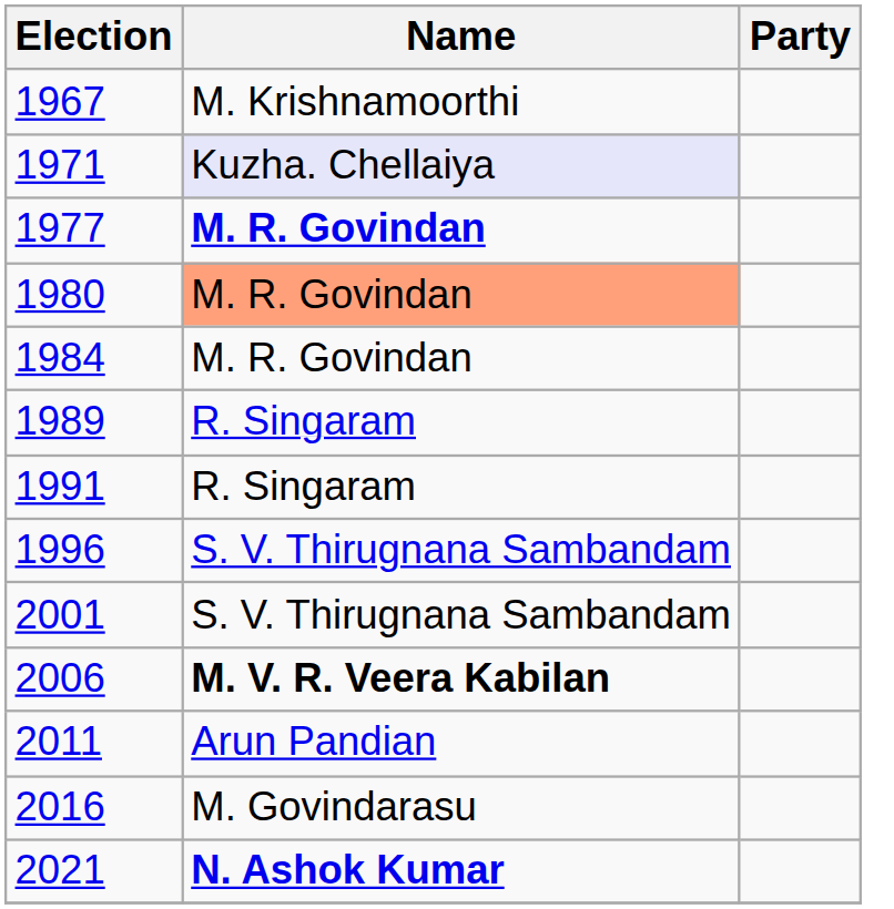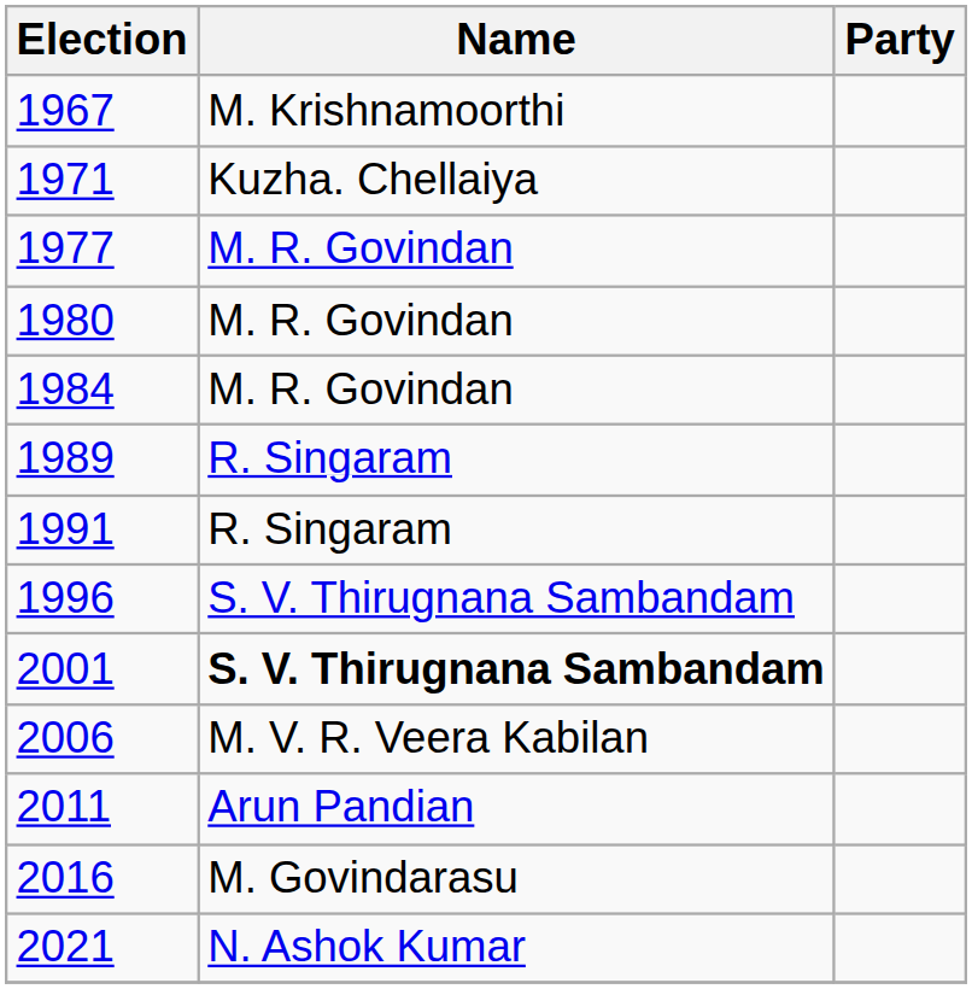 <table class="wikitable sortable">
 <tr>
 <th>Election</th>
 <th>Name</th>
 <th colspan=2>Party</th>
 </tr>
 <tr>
 <td><a href='#'>1967</a></td>
 <td>M. Krishnamoorthi</td>
 <td></td>
 </tr>
 <tr>
 <td><a href='#'>1971</a></td>
-<td style="background: lavender;">Kuzha. Chellaiya</td>
+<td>Kuzha. Chellaiya</td>
 <td></td>
 </tr>
 <tr>
 <td><a href='#'>1977</a></td>
-<td><strong><a href='#'>M. R. Govindan</a></strong></td>
+<td><a href='#'>M. R. Govindan</a></td>
 <td></td>
 </tr>
 <tr>
 <td><a href='#'>1980</a></td>
-<td style="background: lightsalmon;">M. R. Govindan</td>
+<td>M. R. Govindan</td>
 <td></td>
 </tr>
 <tr>
 <td><a href='#'>1984</a></td>
 <td>M. R. Govindan</td>
 <td></td>
 </tr>
 <tr>
 <td><a href='#'>1989</a></td>
 <td><a href='#'>R. Singaram</a></td>
 <td></td>
 </tr>
 <tr>
 <td><a href='#'>1991</a></td>
 <td>R. Singaram</td>
 <td></td>
 </tr>
 <tr>
 <td><a href='#'>1996</a></td>
 <td><a href='#'>S. V. Thirugnana Sambandam</a></td>
 <td></td>
 </tr>
 <tr>
 <td><a href='#'>2001</a></td>
-<td>S. V. Thirugnana Sambandam</td>
+<td><strong>S. V. Thirugnana Sambandam</strong></td>
 <td></td>
 </tr>
 <tr>
 <td><a href='#'>2006</a></td>
-<td><strong>M. V. R. Veera Kabilan</strong></td>
+<td>M. V. R. Veera Kabilan</td>
 <td></td>
 </tr>
 <tr>
 <td><a href='#'>2011</a></td>
 <td><a href='#'>Arun Pandian</a></td>
 <td></td>
 </tr>
 <tr>
 <td><a href='#'>2016</a></td>
 <td>M. Govindarasu</td>
 <td></td>
 </tr>
 <tr>
 <td><a href='#'>2021</a></td>
-<td><strong><a href='#'>N. Ashok Kumar</a></strong></td>
+<td><a href='#'>N. Ashok Kumar</a></td>
 <td></td>
 </tr>
 <tr>
 </tr>
 </table>
